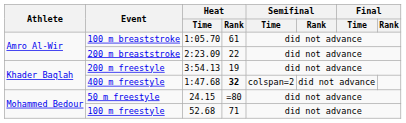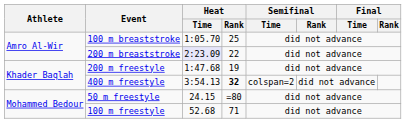 <table class=wikitable style="font-size:90%">
 <tr>
 <th rowspan="2">Athlete</th>
 <th rowspan="2">Event</th>
 <th colspan="2">Heat</th>
 <th colspan="2">Semifinal</th>
 <th colspan="2">Final</th>
 </tr>
 <tr style="font-size:95%">
 <th>Time</th>
 <th>Rank</th>
 <th>Time</th>
 <th>Rank</th>
 <th>Time</th>
 <th>Rank</th>
 </tr>
 <tr align=center>
 <td align=left rowspan=2><a href='#'>Amro Al-Wir</a></td>
 <td align=left><a href='#'>100 m breaststroke</a></td>
 <td>1:05.70</td>
-<td>61</td>
+<td>25</td>
 <td colspan=4>did not advance</td>
 </tr>
 <tr align=center>
 <td align=left><a href='#'>200 m breaststroke</a></td>
-<td>2:23.09</td>
+<td style="background: lavender;">2:23.09</td>
 <td>22</td>
 <td colspan=4>did not advance</td>
 </tr>
 <tr align=center>
 <td align=left rowspan=2><a href='#'>Khader Baqlah</a></td>
 <td align=left><a href='#'>200 m freestyle</a></td>
-<td>3:54.13</td>
+<td>1:47.68</td>
 <td>19</td>
 <td colspan=4>did not advance</td>
 </tr>
 <tr align=center>
 <td align=left><a href='#'>400 m freestyle</a></td>
-<td>1:47.68</td>
+<td>3:54.13</td>
 <td><strong>32</strong></td>
 <td>colspan=2 </td>
 <td colspan=2>did not advance</td>
 </tr>
 <tr align=center>
 <td align=left rowspan=2><a href='#'>Mohammed Bedour</a></td>
 <td align=left><a href='#'>50 m freestyle</a></td>
 <td>24.15</td>
 <td>=80</td>
 <td colspan=4>did not advance</td>
 </tr>
 <tr align=center>
 <td align=left><a href='#'>100 m freestyle</a></td>
 <td>52.68</td>
 <td>71</td>
 <td colspan=4>did not advance</td>
 </tr>
 </table>
